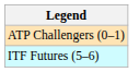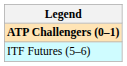 <table class=wikitable style=font-size:97%>
 <tr>
 <th>Legend</th>
 </tr>
 <tr bgcolor=moccasin>
-<td>ATP Challengers (0–1)</td>
+<td><strong>ATP Challengers (0–1)</strong></td>
 </tr>
 <tr bgcolor=cffcff>
 <td>ITF Futures (5–6)</td>
 </tr>
 </table>
